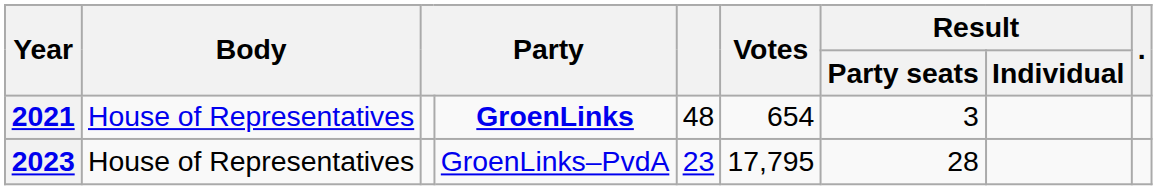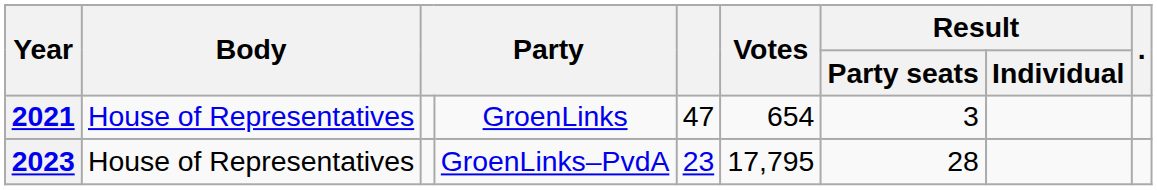 <table class="wikitable plainrowheaders sortable" border=2 cellpadding=4 cellspacing=0 style="border: 1px #aaa solid; font-size: 90%; text-align:center;">
 <tr>
 <th scope="col" rowspan=2>Year</th>
 <th scope="col" rowspan=2>Body</th>
 <th scope="col" colspan=2 rowspan=2>Party</th>
 <th scope="col" rowspan=2></th>
 <th scope="col" rowspan=2>Votes</th>
 <th scope="colgroup" colspan=2>Result</th>
 <th scope="col" rowspan=2 class="unsortable">.</th>
 </tr>
 <tr>
 <th scope="col">Party seats</th>
 <th scope="col">Individual</th>
 </tr>
 <tr>
 <th scope="row"><a href='#'>2021</a></th>
 <td><a href='#'>House of Representatives</a></td>
 <td style="background-color:"></td>
-<td><strong><a href='#'>GroenLinks</a></strong></td>
-<td style=text-align:right>48</td>
+<td><a href='#'>GroenLinks</a></td>
+<td style=text-align:right>47</td>
 <td style=text-align:right>654</td>
 <td style=text-align:right>3</td>
 <td></td>
 <td></td>
 </tr>
 <tr>
 <th scope="row"><a href='#'>2023</a></th>
 <td>House of Representatives</td>
 <td style="background-color:"></td>
 <td><a href='#'>GroenLinks–PvdA</a></td>
 <td style=text-align:right><a href='#'>23</a></td>
 <td style=text-align:right>17,795</td>
 <td style=text-align:right>28</td>
 <td></td>
 <td></td>
 </tr>
 </table>
